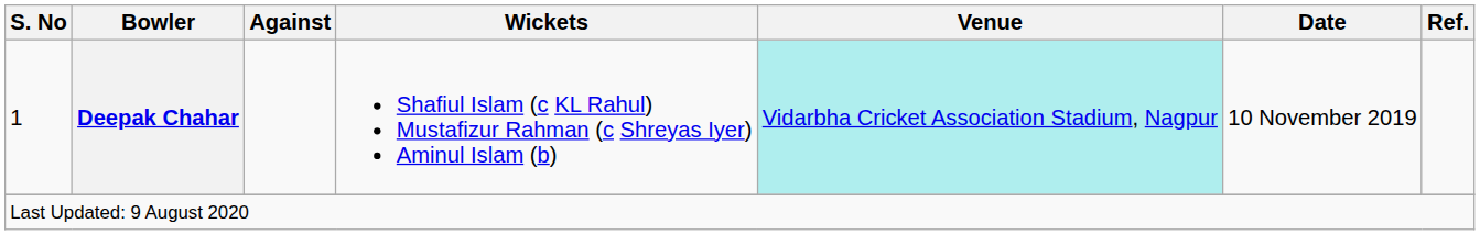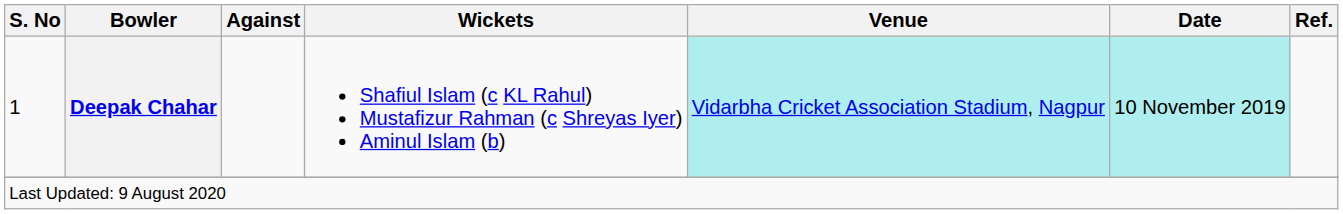 <table class="wikitable sortable" border="1">
 <tr>
 <th>S. No</th>
 <th>Bowler</th>
 <th>Against</th>
 <th class="unsortable">Wickets</th>
 <th>Venue</th>
 <th>Date</th>
 <th>Ref.</th>
 </tr>
 <tr>
 <td>1</td>
 <th scope="row" style="text-align:center;"><a href='#'>Deepak Chahar</a></th>
 <td></td>
 <td><br><ul><li><a href='#'>Shafiul Islam</a> (<a href='#'>c</a> <a href='#'>KL Rahul</a>)</li><li><a href='#'>Mustafizur Rahman</a> (<a href='#'>c</a> <a href='#'>Shreyas Iyer</a>)</li><li><a href='#'>Aminul Islam</a> (<a href='#'>b</a>)</li></ul></td>
 <td style="background: paleturquoise;"> <a href='#'>Vidarbha Cricket Association Stadium</a>, <a href='#'>Nagpur</a></td>
-<td>10 November 2019</td>
+<td style="background: paleturquoise;">10 November 2019</td>
 <td></td>
 </tr>
 <tr>
 </tr>
 <tr class=sortbottom>
 <td colspan=8><small>Last Updated: 9 August 2020</small></td>
 </tr>
 </table>
